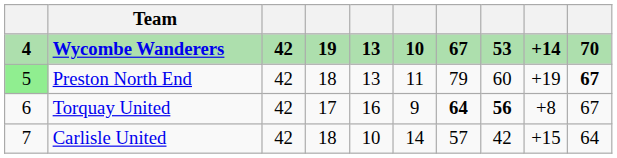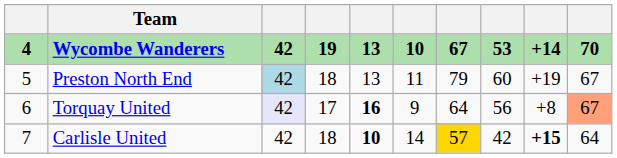 <table class="wikitable" style="text-align:center">
 <tr>
 <th width="30"></th>
 <th width="175">Team</th>
 <th width="30"></th>
 <th width="30"></th>
 <th width="30"></th>
 <th width="30"></th>
 <th width="30"></th>
 <th width="30"></th>
 <th width="30"></th>
 <th width="30"></th>
 </tr>
 <tr bgcolor=#ADDFAD>
 <td><strong>4</strong></td>
 <td align=left><strong><a href='#'>Wycombe Wanderers</a></strong></td>
 <td><strong>42</strong></td>
 <td><strong>19</strong></td>
 <td><strong>13</strong></td>
 <td><strong>10</strong></td>
 <td><strong>67</strong></td>
 <td><strong>53</strong></td>
 <td><strong>+14</strong></td>
 <td><strong>70</strong></td>
 </tr>
 <tr>
-<td style="background: lightgreen;">5</td>
+<td>5</td>
 <td align=left><a href='#'>Preston North End</a></td>
-<td>42</td>
+<td style="background: lightblue;">42</td>
 <td>18</td>
 <td>13</td>
 <td>11</td>
 <td>79</td>
 <td>60</td>
 <td>+19</td>
-<td><strong>67</strong></td>
+<td>67</td>
 </tr>
 <tr>
 <td>6</td>
 <td align=left><a href='#'>Torquay United</a></td>
-<td>42</td>
+<td style="background: lavender;">42</td>
 <td>17</td>
-<td>16</td>
+<td><strong>16</strong></td>
 <td>9</td>
-<td><strong>64</strong></td>
-<td><strong>56</strong></td>
+<td>64</td>
+<td>56</td>
 <td>+8</td>
-<td>67</td>
+<td style="background: lightsalmon;">67</td>
 </tr>
 <tr>
 <td>7</td>
 <td align=left><a href='#'>Carlisle United</a></td>
 <td>42</td>
 <td>18</td>
-<td>10</td>
+<td><strong>10</strong></td>
 <td>14</td>
-<td>57</td>
+<td style="background: gold;">57</td>
 <td>42</td>
-<td>+15</td>
+<td><strong>+15</strong></td>
 <td>64</td>
 </tr>
 </table>
